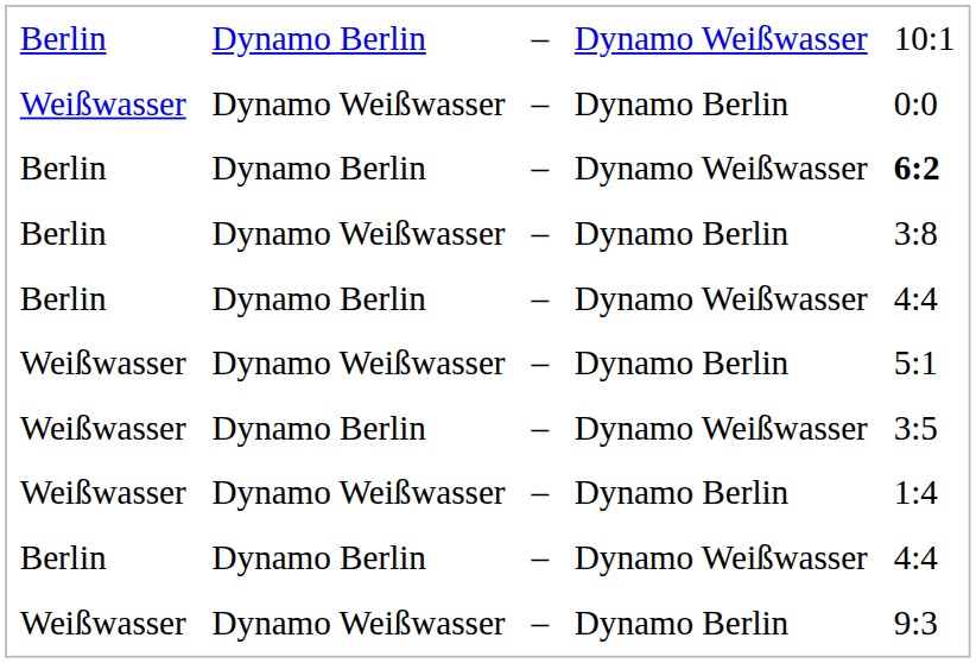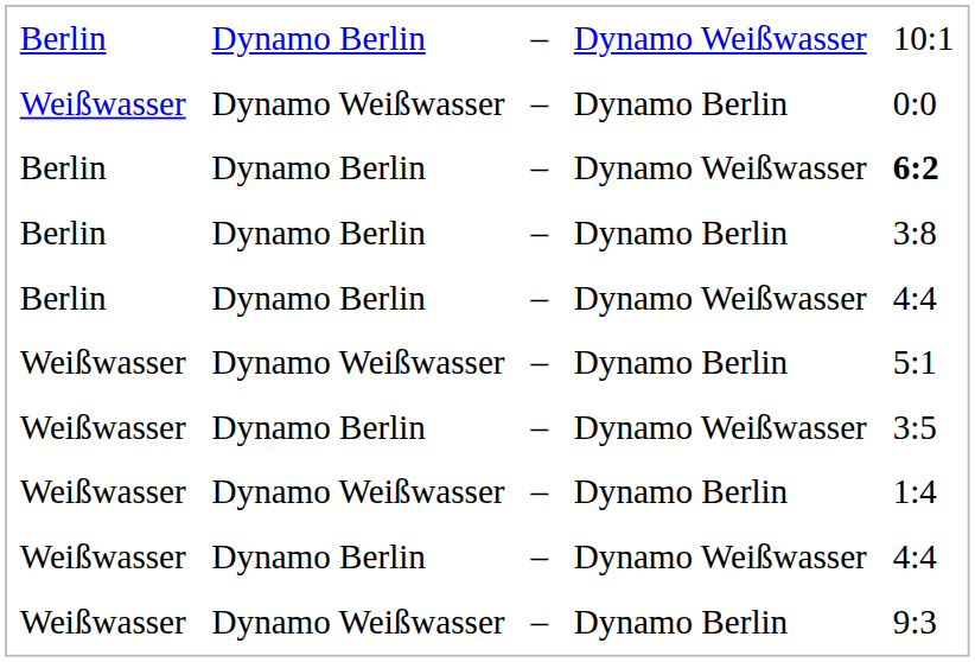 <table cellspacing="0" border="0" cellpadding="6" style="border:1px solid #bbb; background-color:#FFFFFF;">
 <tr>
 <td><a href='#'>Berlin</a></td>
 <td><a href='#'>Dynamo Berlin</a></td>
 <td>–</td>
 <td><a href='#'>Dynamo Weißwasser</a></td>
 <td>10:1</td>
 </tr>
 <tr>
 <td><a href='#'>Weißwasser</a></td>
 <td>Dynamo Weißwasser</td>
 <td>–</td>
 <td>Dynamo Berlin</td>
 <td>0:0</td>
 </tr>
 <tr>
 <td>Berlin</td>
 <td>Dynamo Berlin</td>
 <td>–</td>
 <td>Dynamo Weißwasser</td>
 <td><strong>6:2</strong></td>
 </tr>
 <tr>
 <td>Berlin</td>
-<td>Dynamo Weißwasser</td>
+<td>Dynamo Berlin</td>
 <td>–</td>
 <td>Dynamo Berlin</td>
 <td>3:8</td>
 </tr>
 <tr>
 <td>Berlin</td>
 <td>Dynamo Berlin</td>
 <td>–</td>
 <td>Dynamo Weißwasser</td>
 <td>4:4</td>
 </tr>
 <tr>
 <td>Weißwasser</td>
 <td>Dynamo Weißwasser</td>
 <td>–</td>
 <td>Dynamo Berlin</td>
 <td>5:1</td>
 </tr>
 <tr>
 <td>Weißwasser</td>
 <td>Dynamo Berlin</td>
 <td>–</td>
 <td>Dynamo Weißwasser</td>
 <td>3:5</td>
 </tr>
 <tr>
 <td>Weißwasser</td>
 <td>Dynamo Weißwasser</td>
 <td>–</td>
 <td>Dynamo Berlin</td>
 <td>1:4</td>
 </tr>
 <tr>
-<td>Berlin</td>
+<td>Weißwasser</td>
 <td>Dynamo Berlin</td>
 <td>–</td>
 <td>Dynamo Weißwasser</td>
 <td>4:4</td>
 </tr>
 <tr>
 <td>Weißwasser</td>
 <td>Dynamo Weißwasser</td>
 <td>–</td>
 <td>Dynamo Berlin</td>
 <td>9:3</td>
 </tr>
 </table>
